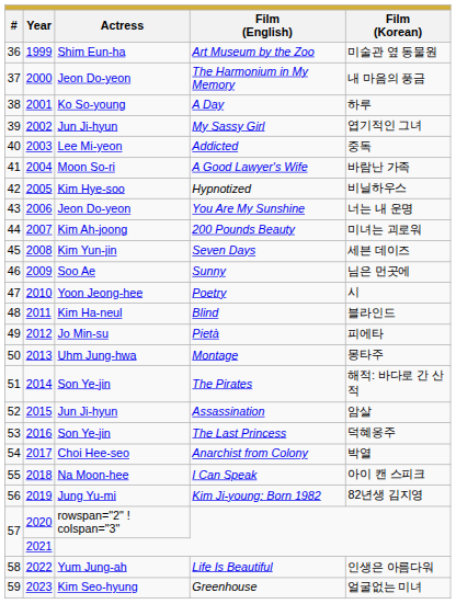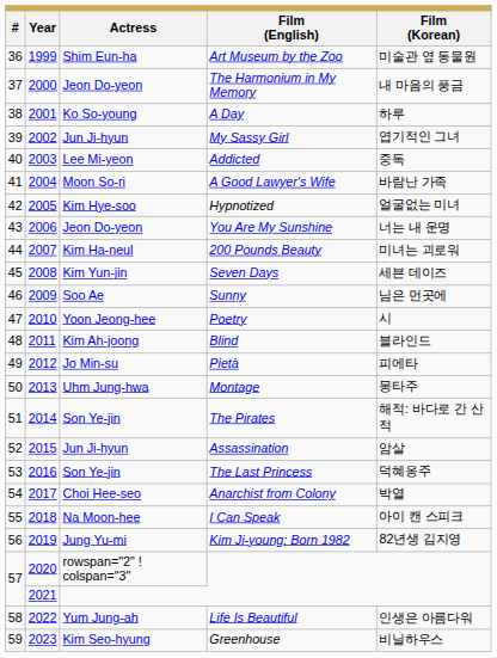 <table class="wikitable collapsible collapsed">
 <tr>
 <th colspan="5" style="background: #D4AF37;"></th>
 </tr>
 <tr>
 <th>#</th>
 <th>Year</th>
 <th>Actress</th>
 <th>Film<br>(English)</th>
 <th>Film<br>(Korean)</th>
 </tr>
 <tr>
 <td>36</td>
 <td><a href='#'>1999</a></td>
 <td><a href='#'>Shim Eun-ha</a></td>
 <td><em><a href='#'>Art Museum by the Zoo</a></em></td>
 <td>미술관 옆 동물원</td>
 </tr>
 <tr>
 <td>37</td>
 <td><a href='#'>2000</a></td>
 <td><a href='#'>Jeon Do-yeon</a></td>
 <td><em><a href='#'>The Harmonium in My Memory</a></em></td>
 <td>내 마음의 풍금</td>
 </tr>
 <tr>
 <td>38</td>
 <td><a href='#'>2001</a></td>
 <td><a href='#'>Ko So-young</a></td>
 <td><em><a href='#'>A Day</a></em></td>
 <td>하루</td>
 </tr>
 <tr>
 <td>39</td>
 <td><a href='#'>2002</a></td>
 <td><a href='#'>Jun Ji-hyun</a></td>
 <td><em><a href='#'>My Sassy Girl</a></em></td>
 <td>엽기적인 그녀</td>
 </tr>
 <tr>
 <td>40</td>
 <td><a href='#'>2003</a></td>
 <td><a href='#'>Lee Mi-yeon</a></td>
 <td><em><a href='#'>Addicted</a></em></td>
 <td>중독</td>
 </tr>
 <tr>
 <td>41</td>
 <td><a href='#'>2004</a></td>
 <td><a href='#'>Moon So-ri</a></td>
 <td><em><a href='#'>A Good Lawyer's Wife</a></em></td>
 <td>바람난 가족</td>
 </tr>
 <tr>
 <td>42</td>
 <td><a href='#'>2005</a></td>
 <td><a href='#'>Kim Hye-soo</a></td>
 <td><em>Hypnotized</em></td>
-<td>비닐하우스</td>
+<td>얼굴없는 미녀</td>
 </tr>
 <tr>
 <td>43</td>
 <td><a href='#'>2006</a></td>
 <td><a href='#'>Jeon Do-yeon</a></td>
 <td><em><a href='#'>You Are My Sunshine</a></em></td>
 <td>너는 내 운명</td>
 </tr>
 <tr>
 <td>44</td>
 <td><a href='#'>2007</a></td>
-<td><a href='#'>Kim Ah-joong</a></td>
+<td><a href='#'>Kim Ha-neul</a></td>
 <td><em><a href='#'>200 Pounds Beauty</a></em></td>
 <td>미녀는 괴로워</td>
 </tr>
 <tr>
 <td>45</td>
 <td><a href='#'>2008</a></td>
 <td><a href='#'>Kim Yun-jin</a></td>
 <td><em><a href='#'>Seven Days</a></em></td>
 <td>세븐 데이즈</td>
 </tr>
 <tr>
 <td>46</td>
 <td><a href='#'>2009</a></td>
 <td><a href='#'>Soo Ae</a></td>
 <td><em><a href='#'>Sunny</a></em></td>
 <td>님은 먼곳에</td>
 </tr>
 <tr>
 <td>47</td>
 <td><a href='#'>2010</a></td>
 <td><a href='#'>Yoon Jeong-hee</a></td>
 <td><em><a href='#'>Poetry</a></em></td>
 <td>시</td>
 </tr>
 <tr>
 <td>48</td>
 <td><a href='#'>2011</a></td>
-<td><a href='#'>Kim Ha-neul</a></td>
+<td><a href='#'>Kim Ah-joong</a></td>
 <td><em><a href='#'>Blind</a></em></td>
 <td>블라인드</td>
 </tr>
 <tr>
 <td>49</td>
 <td><a href='#'>2012</a></td>
 <td><a href='#'>Jo Min-su</a></td>
 <td><em><a href='#'>Pietà</a></em></td>
 <td>피에타</td>
 </tr>
 <tr>
 <td>50</td>
 <td><a href='#'>2013</a></td>
 <td><a href='#'>Uhm Jung-hwa</a></td>
 <td><em><a href='#'>Montage</a></em></td>
 <td>몽타주</td>
 </tr>
 <tr>
 <td>51</td>
 <td><a href='#'>2014</a></td>
 <td><a href='#'>Son Ye-jin</a></td>
 <td><em><a href='#'>The Pirates</a></em></td>
 <td>해적: 바다로 간 산적</td>
 </tr>
 <tr>
 <td>52</td>
 <td><a href='#'>2015</a></td>
 <td><a href='#'>Jun Ji-hyun</a></td>
 <td><em><a href='#'>Assassination</a></em></td>
 <td>암살</td>
 </tr>
 <tr>
 <td>53</td>
 <td><a href='#'>2016</a></td>
 <td><a href='#'>Son Ye-jin</a></td>
 <td><em><a href='#'>The Last Princess</a></em></td>
 <td>덕혜옹주</td>
 </tr>
 <tr>
 <td>54</td>
 <td><a href='#'>2017</a></td>
 <td><a href='#'>Choi Hee-seo</a></td>
 <td><em><a href='#'>Anarchist from Colony</a></em></td>
 <td>박열</td>
 </tr>
 <tr>
 <td>55</td>
 <td><a href='#'>2018</a></td>
 <td><a href='#'>Na Moon-hee</a></td>
 <td><em><a href='#'>I Can Speak</a></em></td>
 <td>아이 캔 스피크</td>
 </tr>
 <tr>
 <td>56</td>
 <td><a href='#'>2019</a></td>
 <td><a href='#'>Jung Yu-mi</a></td>
 <td><em><a href='#'>Kim Ji-young: Born 1982</a></em></td>
 <td>82년생 김지영</td>
 </tr>
 <tr>
 <td rowspan="2">57</td>
 <td><a href='#'>2020</a></td>
 <td>rowspan="2" ! colspan="3" </td>
 </tr>
 <tr>
 <td><a href='#'>2021</a></td>
 </tr>
 <tr>
 <td>58</td>
 <td><a href='#'>2022</a></td>
 <td><a href='#'>Yum Jung-ah</a></td>
 <td><em><a href='#'>Life Is Beautiful</a></em></td>
 <td>인생은 아름다워</td>
 </tr>
 <tr>
 <td>59</td>
 <td><a href='#'>2023</a></td>
 <td><a href='#'>Kim Seo-hyung</a></td>
 <td><em>Greenhouse</em></td>
-<td>얼굴없는 미녀</td>
+<td>비닐하우스</td>
 </tr>
 </table>
